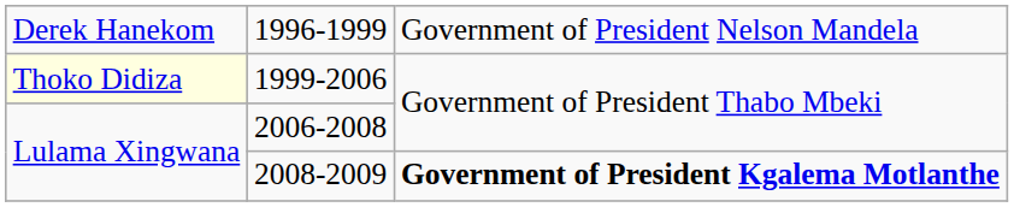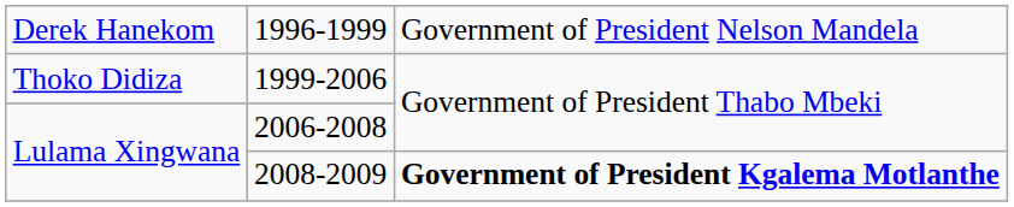 <table class="wikitable">
 <tr>
 <td><a href='#'>Derek Hanekom</a></td>
 <td>1996-1999</td>
 <td>Government of <a href='#'>President</a> <a href='#'>Nelson Mandela</a></td>
 </tr>
 <tr>
-<td style="background: lightyellow;"><a href='#'>Thoko Didiza</a></td>
+<td><a href='#'>Thoko Didiza</a></td>
 <td>1999-2006</td>
 <td rowspan=2>Government of President <a href='#'>Thabo Mbeki</a></td>
 </tr>
 <tr>
 <td rowspan=2><a href='#'>Lulama Xingwana</a></td>
 <td>2006-2008</td>
 </tr>
 <tr>
 <td>2008-2009</td>
 <td><strong>Government of President <a href='#'>Kgalema Motlanthe</a></strong></td>
 </tr>
 </table>
